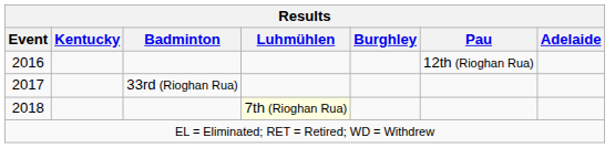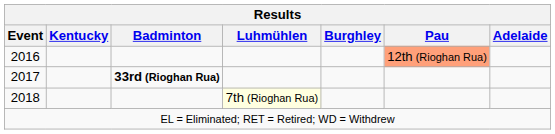 <table class="wikitable" style="text-align:center">
 <tr>
 <th colspan=13 align=center><strong>Results</strong></th>
 </tr>
 <tr>
 <th>Event</th>
 <th><a href='#'>Kentucky</a></th>
 <th><a href='#'>Badminton</a></th>
 <th><a href='#'>Luhmühlen</a></th>
 <th><a href='#'>Burghley</a></th>
 <th><a href='#'>Pau</a></th>
 <th><a href='#'>Adelaide</a></th>
 </tr>
 <tr>
 <td>2016</td>
 <td></td>
 <td></td>
 <td></td>
 <td></td>
-<td>12th<small> (Rioghan Rua)</small></td>
+<td style="background: lightsalmon;">12th<small> (Rioghan Rua)</small></td>
 <td></td>
 </tr>
 <tr>
 <td>2017</td>
 <td></td>
-<td>33rd<small> (Rioghan Rua)</small></td>
+<td><strong>33rd<small> (Rioghan Rua)</small></strong></td>
 <td></td>
 <td></td>
 <td></td>
 <td></td>
 </tr>
 <tr>
 <td>2018</td>
 <td></td>
 <td></td>
 <td style="background: lightyellow;">7th<small> (Rioghan Rua)</small></td>
 <td></td>
 <td></td>
 <td></td>
 </tr>
 <tr>
 <td colspan=13 align=center><small> EL = Eliminated; RET = Retired; WD = Withdrew </small></td>
 </tr>
 </table>
